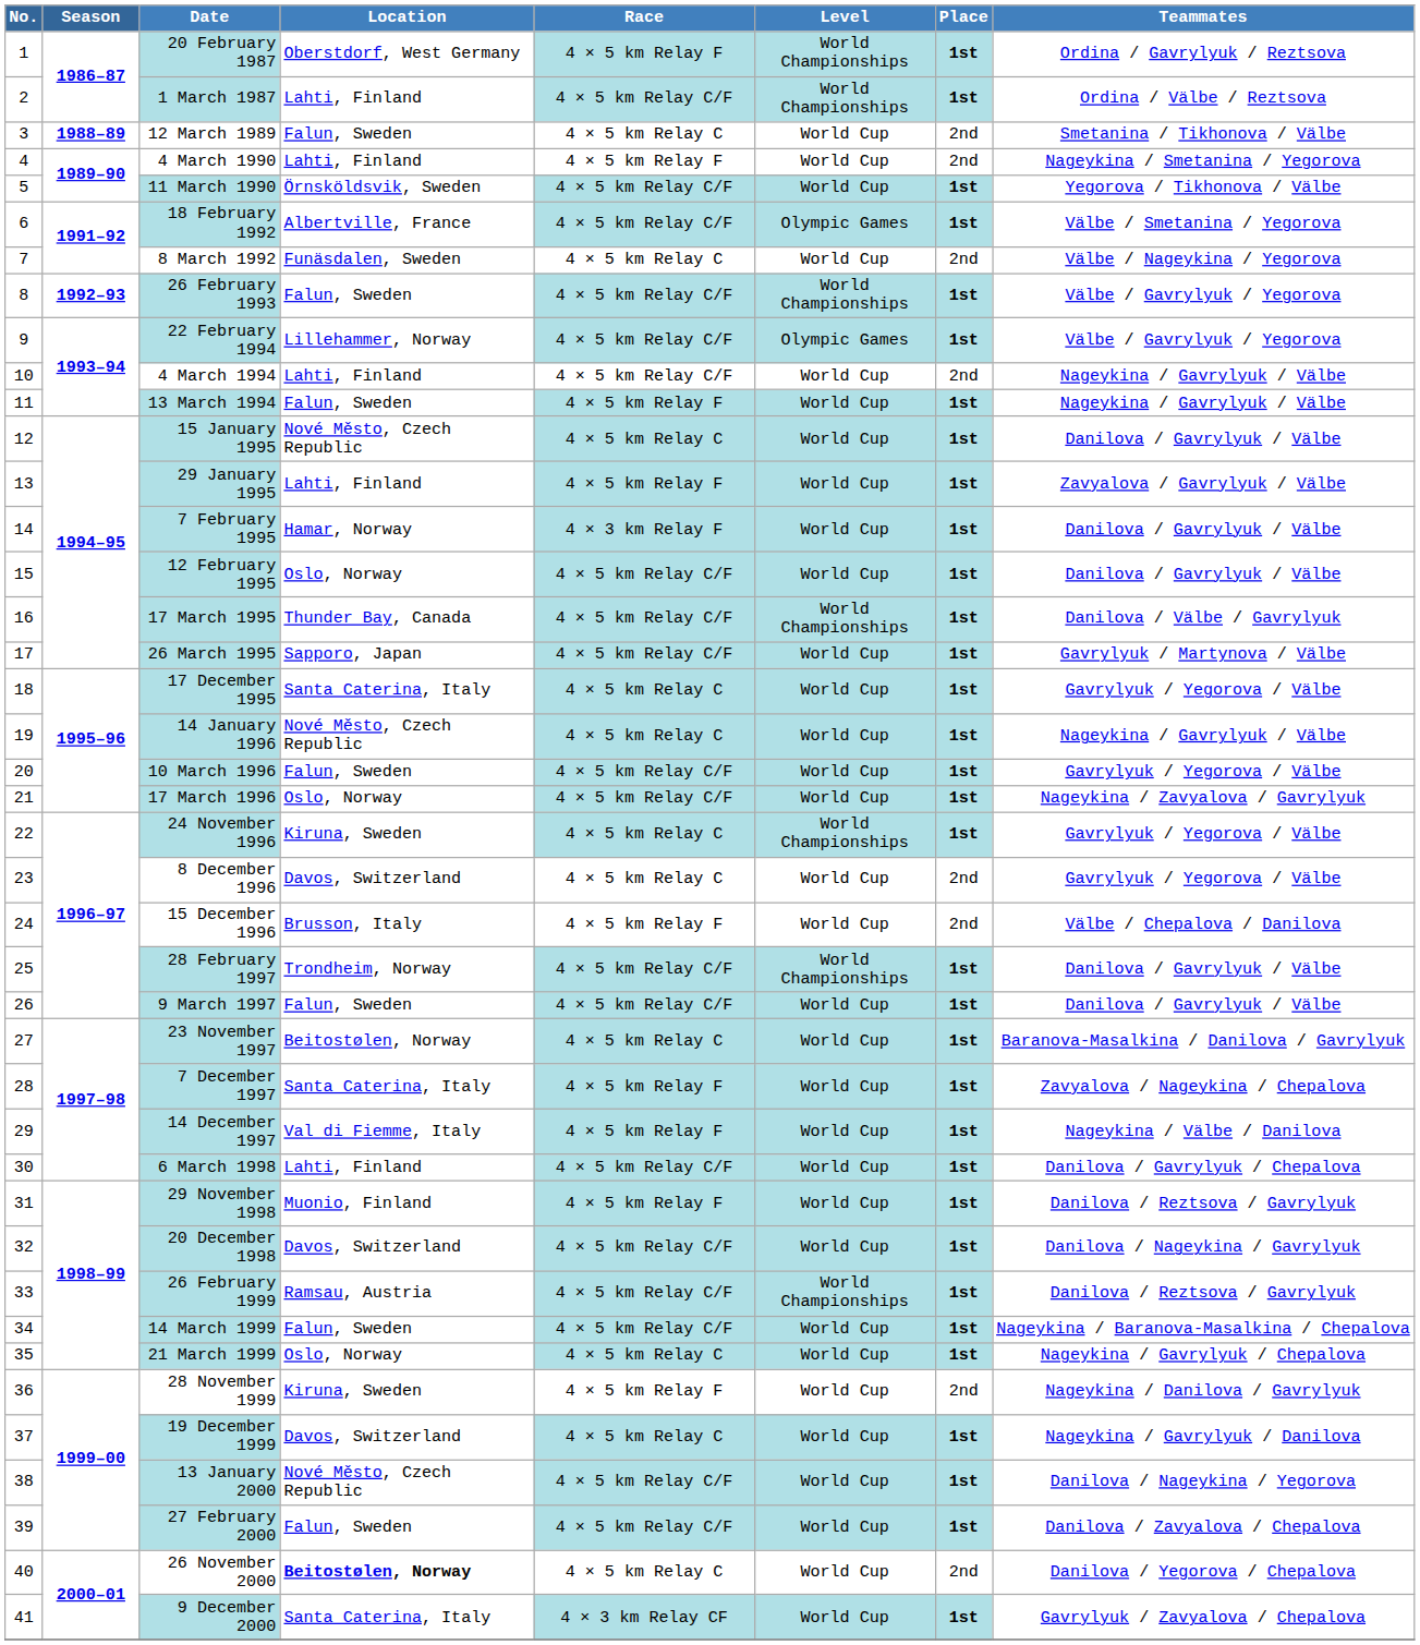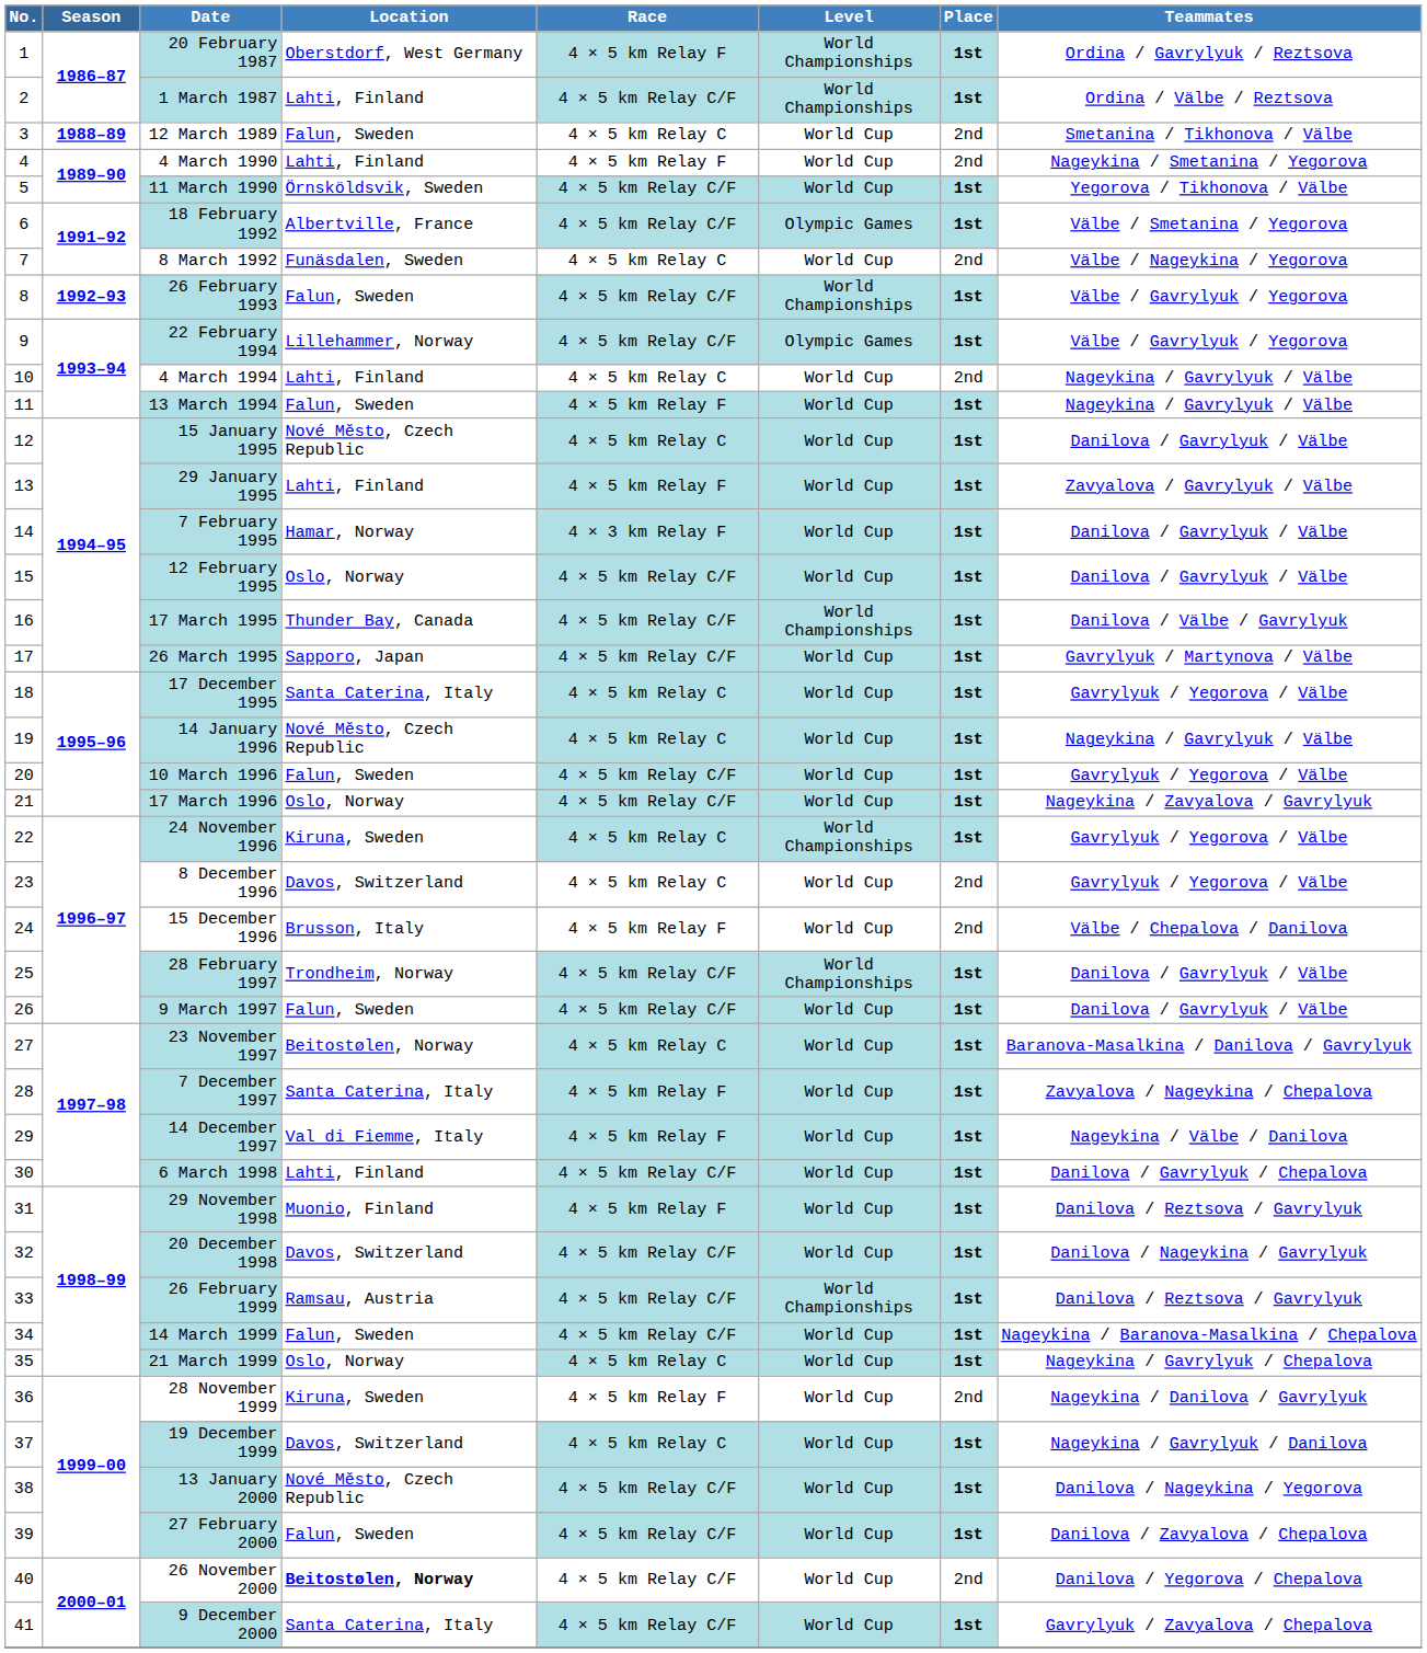 <table class="wikitable sortable" style="font-size:95%; text-align:center; border:grey solid 1px; border-collapse:collapse; background:#ffffff;">
 <tr style="background:#efefef;">
 <th style="background-color:#369; color:white;">No.</th>
 <th style="background-color:#369; color:white;">Season</th>
 <th style="background-color:#4180be; color:white; width:100px;">Date</th>
 <th style="background-color:#4180be; color:white; width:185px;">Location</th>
 <th style="background-color:#4180be; color:white; width:160px;">Race</th>
 <th style="background-color:#4180be; color:white; width:130px;">Level</th>
 <th style="background-color:#4180be; color:white;">Place</th>
 <th style="background-color:#4180be; color:white;">Teammates</th>
 </tr>
 <tr>
 <td align=center>1</td>
 <td rowspan=2 align=center><strong><a href='#'>1986–87</a></strong></td>
 <td bgcolor="#BOEOE6" align=right>20 February 1987</td>
 <td align=left> <a href='#'>Oberstdorf</a>, West Germany</td>
 <td bgcolor="#BOEOE6">4 × 5 km Relay F</td>
 <td bgcolor="#BOEOE6">World Championships</td>
 <td bgcolor="#BOEOE6"><strong>1st</strong></td>
 <td><a href='#'>Ordina</a> / <a href='#'>Gavrylyuk</a> / <a href='#'>Reztsova</a></td>
 </tr>
 <tr>
 <td align=center>2</td>
 <td bgcolor="#BOEOE6" align=right>1 March 1987</td>
 <td align=left> <a href='#'>Lahti</a>, Finland</td>
 <td bgcolor="#BOEOE6">4 × 5 km Relay C/F</td>
 <td bgcolor="#BOEOE6">World Championships</td>
 <td bgcolor="#BOEOE6"><strong>1st</strong></td>
 <td><a href='#'>Ordina</a> / <a href='#'>Välbe</a> / <a href='#'>Reztsova</a></td>
 </tr>
 <tr>
 <td align=center>3</td>
 <td rowspan=1 align=center><strong> <a href='#'>1988–89</a> </strong></td>
 <td align=right>12 March 1989</td>
 <td align=left> <a href='#'>Falun</a>, Sweden</td>
 <td>4 × 5 km Relay C</td>
 <td>World Cup</td>
 <td>2nd</td>
 <td><a href='#'>Smetanina</a> / <a href='#'>Tikhonova</a> / <a href='#'>Välbe</a></td>
 </tr>
 <tr>
 <td align=center>4</td>
 <td rowspan=2 align=center><strong> <a href='#'>1989–90</a> </strong></td>
 <td align=right>4 March 1990</td>
 <td align=left> <a href='#'>Lahti</a>, Finland</td>
 <td>4 × 5 km Relay F</td>
 <td>World Cup</td>
 <td>2nd</td>
 <td><a href='#'>Nageykina</a> / <a href='#'>Smetanina</a> / <a href='#'>Yegorova</a></td>
 </tr>
 <tr>
 <td align=center>5</td>
 <td bgcolor="#BOEOE6" align=right>11 March 1990</td>
 <td align=left> <a href='#'>Örnsköldsvik</a>, Sweden</td>
 <td bgcolor="#BOEOE6">4 × 5 km Relay C/F</td>
 <td bgcolor="#BOEOE6">World Cup</td>
 <td bgcolor="#BOEOE6"><strong>1st</strong></td>
 <td><a href='#'>Yegorova</a> / <a href='#'>Tikhonova</a> / <a href='#'>Välbe</a></td>
 </tr>
 <tr>
 <td align=center>6</td>
 <td rowspan=2 align=center><strong><a href='#'>1991–92</a></strong></td>
 <td bgcolor="#BOEOE6" align=right>18 February 1992</td>
 <td align=left> <a href='#'>Albertville</a>, France</td>
 <td bgcolor="#BOEOE6">4 × 5 km Relay C/F</td>
 <td bgcolor="#BOEOE6">Olympic Games</td>
 <td bgcolor="#BOEOE6"><strong>1st</strong></td>
 <td><a href='#'>Välbe</a> / <a href='#'>Smetanina</a> / <a href='#'>Yegorova</a></td>
 </tr>
 <tr>
 <td align=center>7</td>
 <td align=right>8 March 1992</td>
 <td align=left> <a href='#'>Funäsdalen</a>, Sweden</td>
 <td>4 × 5 km Relay C</td>
 <td>World Cup</td>
 <td>2nd</td>
 <td><a href='#'>Välbe</a> / <a href='#'>Nageykina</a> / <a href='#'>Yegorova</a></td>
 </tr>
 <tr>
 <td align=center>8</td>
 <td rowspan=1 align=center><strong><a href='#'>1992–93</a></strong></td>
 <td bgcolor="#BOEOE6" align=right>26 February 1993</td>
 <td align=left> <a href='#'>Falun</a>, Sweden</td>
 <td bgcolor="#BOEOE6">4 × 5 km Relay C/F</td>
 <td bgcolor="#BOEOE6">World Championships</td>
 <td bgcolor="#BOEOE6"><strong>1st</strong></td>
 <td><a href='#'>Välbe</a> / <a href='#'>Gavrylyuk</a> / <a href='#'>Yegorova</a></td>
 </tr>
 <tr>
 <td align=center>9</td>
 <td rowspan=3 align=center><strong><a href='#'>1993–94</a></strong></td>
 <td bgcolor="#BOEOE6" align=right>22 February 1994</td>
 <td align=left> <a href='#'>Lillehammer</a>, Norway</td>
 <td bgcolor="#BOEOE6">4 × 5 km Relay C/F</td>
 <td bgcolor="#BOEOE6">Olympic Games</td>
 <td bgcolor="#BOEOE6"><strong>1st</strong></td>
 <td><a href='#'>Välbe</a> / <a href='#'>Gavrylyuk</a> / <a href='#'>Yegorova</a></td>
 </tr>
 <tr>
 <td align=center>10</td>
 <td align=right>4 March 1994</td>
 <td align=left> <a href='#'>Lahti</a>, Finland</td>
-<td>4 × 5 km Relay C/F</td>
+<td>4 × 5 km Relay C</td>
 <td>World Cup</td>
 <td>2nd</td>
 <td><a href='#'>Nageykina</a> / <a href='#'>Gavrylyuk</a> / <a href='#'>Välbe</a></td>
 </tr>
 <tr>
 <td align=center>11</td>
 <td bgcolor="#BOEOE6" align=right>13 March 1994</td>
 <td align=left> <a href='#'>Falun</a>, Sweden</td>
 <td bgcolor="#BOEOE6">4 × 5 km Relay F</td>
 <td bgcolor="#BOEOE6">World Cup</td>
 <td bgcolor="#BOEOE6"><strong>1st</strong></td>
 <td><a href='#'>Nageykina</a> / <a href='#'>Gavrylyuk</a> / <a href='#'>Välbe</a></td>
 </tr>
 <tr>
 <td align=center>12</td>
 <td rowspan=6 align=center><strong><a href='#'>1994–95</a></strong></td>
 <td bgcolor="#BOEOE6" align=right>15 January 1995</td>
 <td align=left> <a href='#'>Nové Město</a>, Czech Republic</td>
 <td bgcolor="#BOEOE6">4 × 5 km Relay C</td>
 <td bgcolor="#BOEOE6">World Cup</td>
 <td bgcolor="#BOEOE6"><strong>1st</strong></td>
 <td><a href='#'>Danilova</a> / <a href='#'>Gavrylyuk</a> / <a href='#'>Välbe</a></td>
 </tr>
 <tr>
 <td align=center>13</td>
 <td bgcolor="#BOEOE6" align=right>29 January 1995</td>
 <td align=left> <a href='#'>Lahti</a>, Finland</td>
 <td bgcolor="#BOEOE6">4 × 5 km Relay F</td>
 <td bgcolor="#BOEOE6">World Cup</td>
 <td bgcolor="#BOEOE6"><strong>1st</strong></td>
 <td><a href='#'>Zavyalova</a> / <a href='#'>Gavrylyuk</a> / <a href='#'>Välbe</a></td>
 </tr>
 <tr>
 <td align=center>14</td>
 <td bgcolor="#BOEOE6" align=right>7 February 1995</td>
 <td align=left> <a href='#'>Hamar</a>, Norway</td>
 <td bgcolor="#BOEOE6">4 × 3 km Relay F</td>
 <td bgcolor="#BOEOE6">World Cup</td>
 <td bgcolor="#BOEOE6"><strong>1st</strong></td>
 <td><a href='#'>Danilova</a> / <a href='#'>Gavrylyuk</a> / <a href='#'>Välbe</a></td>
 </tr>
 <tr>
 <td align=center>15</td>
 <td bgcolor="#BOEOE6" align=right>12 February 1995</td>
 <td align=left> <a href='#'>Oslo</a>, Norway</td>
 <td bgcolor="#BOEOE6">4 × 5 km Relay C/F</td>
 <td bgcolor="#BOEOE6">World Cup</td>
 <td bgcolor="#BOEOE6"><strong>1st</strong></td>
 <td><a href='#'>Danilova</a> / <a href='#'>Gavrylyuk</a> / <a href='#'>Välbe</a></td>
 </tr>
 <tr>
 <td align=center>16</td>
 <td bgcolor="#BOEOE6" align=right>17 March 1995</td>
 <td align=left> <a href='#'>Thunder Bay</a>, Canada</td>
 <td bgcolor="#BOEOE6">4 × 5 km Relay C/F</td>
 <td bgcolor="#BOEOE6">World Championships</td>
 <td bgcolor="#BOEOE6"><strong>1st</strong></td>
 <td><a href='#'>Danilova</a> / <a href='#'>Välbe</a> / <a href='#'>Gavrylyuk</a></td>
 </tr>
 <tr>
 <td align=center>17</td>
 <td bgcolor="#BOEOE6" align=right>26 March 1995</td>
 <td align=left> <a href='#'>Sapporo</a>, Japan</td>
 <td bgcolor="#BOEOE6">4 × 5 km Relay C/F</td>
 <td bgcolor="#BOEOE6">World Cup</td>
 <td bgcolor="#BOEOE6"><strong>1st</strong></td>
 <td><a href='#'>Gavrylyuk</a> / <a href='#'>Martynova</a> / <a href='#'>Välbe</a></td>
 </tr>
 <tr>
 <td align=center>18</td>
 <td rowspan=4 align=center><strong><a href='#'>1995–96</a></strong></td>
 <td bgcolor="#BOEOE6" align=right>17 December 1995</td>
 <td align=left> <a href='#'>Santa Caterina</a>, Italy</td>
 <td bgcolor="#BOEOE6">4 × 5 km Relay C</td>
 <td bgcolor="#BOEOE6">World Cup</td>
 <td bgcolor="#BOEOE6"><strong>1st</strong></td>
 <td><a href='#'>Gavrylyuk</a> / <a href='#'>Yegorova</a> / <a href='#'>Välbe</a></td>
 </tr>
 <tr>
 <td align=center>19</td>
 <td bgcolor="#BOEOE6" align=right>14 January 1996</td>
 <td align=left> <a href='#'>Nové Město</a>, Czech Republic</td>
 <td bgcolor="#BOEOE6">4 × 5 km Relay C</td>
 <td bgcolor="#BOEOE6">World Cup</td>
 <td bgcolor="#BOEOE6"><strong>1st</strong></td>
 <td><a href='#'>Nageykina</a> / <a href='#'>Gavrylyuk</a> / <a href='#'>Välbe</a></td>
 </tr>
 <tr>
 <td align=center>20</td>
 <td bgcolor="#BOEOE6" align=right>10 March 1996</td>
 <td align=left> <a href='#'>Falun</a>, Sweden</td>
 <td bgcolor="#BOEOE6">4 × 5 km Relay C/F</td>
 <td bgcolor="#BOEOE6">World Cup</td>
 <td bgcolor="#BOEOE6"><strong>1st</strong></td>
 <td><a href='#'>Gavrylyuk</a> / <a href='#'>Yegorova</a> / <a href='#'>Välbe</a></td>
 </tr>
 <tr>
 <td align=center>21</td>
 <td bgcolor="#BOEOE6" align=right>17 March 1996</td>
 <td align=left> <a href='#'>Oslo</a>, Norway</td>
 <td bgcolor="#BOEOE6">4 × 5 km Relay C/F</td>
 <td bgcolor="#BOEOE6">World Cup</td>
 <td bgcolor="#BOEOE6"><strong>1st</strong></td>
 <td><a href='#'>Nageykina</a> / <a href='#'>Zavyalova</a> / <a href='#'>Gavrylyuk</a></td>
 </tr>
 <tr>
 <td align=center>22</td>
 <td rowspan=5 align=center><strong><a href='#'>1996–97</a></strong></td>
 <td bgcolor="#BOEOE6" align=right>24 November 1996</td>
 <td align=left> <a href='#'>Kiruna</a>, Sweden</td>
 <td bgcolor="#BOEOE6">4 × 5 km Relay C</td>
 <td bgcolor="#BOEOE6">World Championships</td>
 <td bgcolor="#BOEOE6"><strong>1st</strong></td>
 <td><a href='#'>Gavrylyuk</a> / <a href='#'>Yegorova</a> / <a href='#'>Välbe</a></td>
 </tr>
 <tr>
 <td align=center>23</td>
 <td align=right>8 December 1996</td>
 <td align=left> <a href='#'>Davos</a>, Switzerland</td>
 <td>4 × 5 km Relay C</td>
 <td>World Cup</td>
 <td>2nd</td>
 <td><a href='#'>Gavrylyuk</a> / <a href='#'>Yegorova</a> / <a href='#'>Välbe</a></td>
 </tr>
 <tr>
 <td align=center>24</td>
 <td align=right>15 December 1996</td>
 <td align=left> <a href='#'>Brusson</a>, Italy</td>
 <td>4 × 5 km Relay F</td>
 <td>World Cup</td>
 <td>2nd</td>
 <td><a href='#'>Välbe</a> / <a href='#'>Chepalova</a> / <a href='#'>Danilova</a></td>
 </tr>
 <tr>
 <td align=center>25</td>
 <td bgcolor="#BOEOE6" align=right>28 February 1997</td>
 <td align=left> <a href='#'>Trondheim</a>, Norway</td>
 <td bgcolor="#BOEOE6">4 × 5 km Relay C/F</td>
 <td bgcolor="#BOEOE6">World Championships</td>
 <td bgcolor="#BOEOE6"><strong>1st</strong></td>
 <td><a href='#'>Danilova</a> / <a href='#'>Gavrylyuk</a> / <a href='#'>Välbe</a></td>
 </tr>
 <tr>
 <td align=center>26</td>
 <td bgcolor="#BOEOE6" align=right>9 March 1997</td>
 <td align=left> <a href='#'>Falun</a>, Sweden</td>
 <td bgcolor="#BOEOE6">4 × 5 km Relay C/F</td>
 <td bgcolor="#BOEOE6">World Cup</td>
 <td bgcolor="#BOEOE6"><strong>1st</strong></td>
 <td><a href='#'>Danilova</a> / <a href='#'>Gavrylyuk</a> / <a href='#'>Välbe</a></td>
 </tr>
 <tr>
 <td align=center>27</td>
 <td rowspan=4 align=center><strong><a href='#'>1997–98</a></strong></td>
 <td bgcolor="#BOEOE6" align=right>23 November 1997</td>
 <td align=left> <a href='#'>Beitostølen</a>, Norway</td>
 <td bgcolor="#BOEOE6">4 × 5 km Relay C</td>
 <td bgcolor="#BOEOE6">World Cup</td>
 <td bgcolor="#BOEOE6"><strong>1st</strong></td>
 <td><a href='#'>Baranova-Masalkina</a> / <a href='#'>Danilova</a> / <a href='#'>Gavrylyuk</a></td>
 </tr>
 <tr>
 <td align=center>28</td>
 <td bgcolor="#BOEOE6" align=right>7 December 1997</td>
 <td align=left> <a href='#'>Santa Caterina</a>, Italy</td>
 <td bgcolor="#BOEOE6">4 × 5 km Relay F</td>
 <td bgcolor="#BOEOE6">World Cup</td>
 <td bgcolor="#BOEOE6"><strong>1st</strong></td>
 <td><a href='#'>Zavyalova</a> / <a href='#'>Nageykina</a> / <a href='#'>Chepalova</a></td>
 </tr>
 <tr>
 <td align=center>29</td>
 <td bgcolor="#BOEOE6" align=right>14 December 1997</td>
 <td align=left> <a href='#'>Val di Fiemme</a>, Italy</td>
 <td bgcolor="#BOEOE6">4 × 5 km Relay F</td>
 <td bgcolor="#BOEOE6">World Cup</td>
 <td bgcolor="#BOEOE6"><strong>1st</strong></td>
 <td><a href='#'>Nageykina</a> / <a href='#'>Välbe</a> / <a href='#'>Danilova</a></td>
 </tr>
 <tr>
 <td align=center>30</td>
 <td bgcolor="#BOEOE6" align=right>6 March 1998</td>
 <td align=left> <a href='#'>Lahti</a>, Finland</td>
 <td bgcolor="#BOEOE6">4 × 5 km Relay C/F</td>
 <td bgcolor="#BOEOE6">World Cup</td>
 <td bgcolor="#BOEOE6"><strong>1st</strong></td>
 <td><a href='#'>Danilova</a> / <a href='#'>Gavrylyuk</a> / <a href='#'>Chepalova</a></td>
 </tr>
 <tr>
 <td align=center>31</td>
 <td rowspan=5 align=center><strong><a href='#'>1998–99</a></strong></td>
 <td bgcolor="#BOEOE6" align=right>29 November 1998</td>
 <td align=left> <a href='#'>Muonio</a>, Finland</td>
 <td bgcolor="#BOEOE6">4 × 5 km Relay F</td>
 <td bgcolor="#BOEOE6">World Cup</td>
 <td bgcolor="#BOEOE6"><strong>1st</strong></td>
 <td><a href='#'>Danilova</a> / <a href='#'>Reztsova</a> / <a href='#'>Gavrylyuk</a></td>
 </tr>
 <tr>
 <td align=center>32</td>
 <td bgcolor="#BOEOE6" align=right>20 December 1998</td>
 <td align=left> <a href='#'>Davos</a>, Switzerland</td>
 <td bgcolor="#BOEOE6">4 × 5 km Relay C/F</td>
 <td bgcolor="#BOEOE6">World Cup</td>
 <td bgcolor="#BOEOE6"><strong>1st</strong></td>
 <td><a href='#'>Danilova</a> / <a href='#'>Nageykina</a> / <a href='#'>Gavrylyuk</a></td>
 </tr>
 <tr>
 <td align=center>33</td>
 <td bgcolor="#BOEOE6" align=right>26 February 1999</td>
 <td align=left> <a href='#'>Ramsau</a>, Austria</td>
 <td bgcolor="#BOEOE6">4 × 5 km Relay C/F</td>
 <td bgcolor="#BOEOE6">World Championships</td>
 <td bgcolor="#BOEOE6"><strong>1st</strong></td>
 <td><a href='#'>Danilova</a> / <a href='#'>Reztsova</a> / <a href='#'>Gavrylyuk</a></td>
 </tr>
 <tr>
 <td align=center>34</td>
 <td bgcolor="#BOEOE6" align=right>14 March 1999</td>
 <td align=left> <a href='#'>Falun</a>, Sweden</td>
 <td bgcolor="#BOEOE6">4 × 5 km Relay C/F</td>
 <td bgcolor="#BOEOE6">World Cup</td>
 <td bgcolor="#BOEOE6"><strong>1st</strong></td>
 <td><a href='#'>Nageykina</a> / <a href='#'>Baranova-Masalkina</a> / <a href='#'>Chepalova</a></td>
 </tr>
 <tr>
 <td align=center>35</td>
 <td bgcolor="#BOEOE6" align=right>21 March 1999</td>
 <td align=left> <a href='#'>Oslo</a>, Norway</td>
 <td bgcolor="#BOEOE6">4 × 5 km Relay C</td>
 <td bgcolor="#BOEOE6">World Cup</td>
 <td bgcolor="#BOEOE6"><strong>1st</strong></td>
 <td><a href='#'>Nageykina</a> / <a href='#'>Gavrylyuk</a> / <a href='#'>Chepalova</a></td>
 </tr>
 <tr>
 <td align=center>36</td>
 <td rowspan=4 align=center><strong> <a href='#'>1999–00</a> </strong></td>
 <td align=right>28 November 1999</td>
 <td align=left> <a href='#'>Kiruna</a>, Sweden</td>
 <td>4 × 5 km Relay F</td>
 <td>World Cup</td>
 <td>2nd</td>
 <td><a href='#'>Nageykina</a> / <a href='#'>Danilova</a> / <a href='#'>Gavrylyuk</a></td>
 </tr>
 <tr>
 <td align=center>37</td>
 <td bgcolor="#BOEOE6" align=right>19 December 1999</td>
 <td align=left> <a href='#'>Davos</a>, Switzerland</td>
 <td bgcolor="#BOEOE6">4 × 5 km Relay C</td>
 <td bgcolor="#BOEOE6">World Cup</td>
 <td bgcolor="#BOEOE6"><strong>1st</strong></td>
 <td><a href='#'>Nageykina</a> / <a href='#'>Gavrylyuk</a> / <a href='#'>Danilova</a></td>
 </tr>
 <tr>
 <td align=center>38</td>
 <td bgcolor="#BOEOE6" align=right>13 January 2000</td>
 <td align=left> <a href='#'>Nové Město</a>, Czech Republic</td>
 <td bgcolor="#BOEOE6">4 × 5 km Relay C/F</td>
 <td bgcolor="#BOEOE6">World Cup</td>
 <td bgcolor="#BOEOE6"><strong>1st</strong></td>
 <td><a href='#'>Danilova</a> / <a href='#'>Nageykina</a> / <a href='#'>Yegorova</a></td>
 </tr>
 <tr>
 <td align=center>39</td>
 <td bgcolor="#BOEOE6" align=right>27 February 2000</td>
 <td align=left> <a href='#'>Falun</a>, Sweden</td>
 <td bgcolor="#BOEOE6">4 × 5 km Relay C/F</td>
 <td bgcolor="#BOEOE6">World Cup</td>
 <td bgcolor="#BOEOE6"><strong>1st</strong></td>
 <td><a href='#'>Danilova</a> / <a href='#'>Zavyalova</a> / <a href='#'>Chepalova</a></td>
 </tr>
 <tr>
 <td align=center>40</td>
 <td rowspan=2 align=center><strong> <a href='#'>2000–01</a> </strong></td>
 <td align=right>26 November 2000</td>
 <td align=left><strong> <a href='#'>Beitostølen</a>, Norway</strong></td>
-<td>4 × 5 km Relay C</td>
+<td>4 × 5 km Relay C/F</td>
 <td>World Cup</td>
 <td>2nd</td>
 <td><a href='#'>Danilova</a> / <a href='#'>Yegorova</a> / <a href='#'>Chepalova</a></td>
 </tr>
 <tr>
 <td align=center>41</td>
 <td bgcolor="#BOEOE6" align=right>9 December 2000</td>
 <td align=left> <a href='#'>Santa Caterina</a>, Italy</td>
-<td bgcolor="#BOEOE6">4 × 3 km Relay CF</td>
+<td bgcolor="#BOEOE6">4 × 5 km Relay C/F</td>
 <td bgcolor="#BOEOE6">World Cup</td>
 <td bgcolor="#BOEOE6"><strong>1st</strong></td>
 <td><a href='#'>Gavrylyuk</a> / <a href='#'>Zavyalova</a> / <a href='#'>Chepalova</a></td>
 </tr>
 <tr>
 </tr>
 </table>
